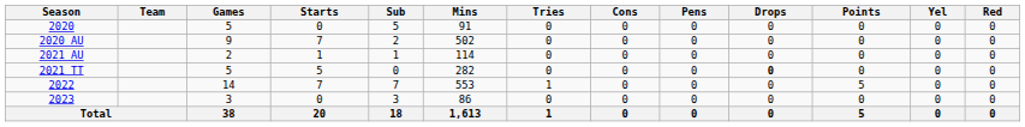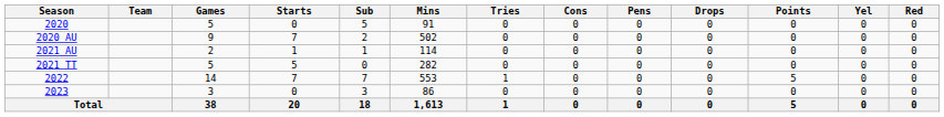 <table class="wikitable" style="text-align:center; line-height:90%; font-size:95%; width:60%;">
 <tr>
 <th>Season</th>
 <th>Team</th>
 <th>Games</th>
 <th>Starts</th>
 <th>Sub</th>
 <th>Mins</th>
 <th>Tries</th>
 <th>Cons</th>
 <th>Pens</th>
 <th>Drops</th>
 <th>Points</th>
 <th>Yel</th>
 <th>Red</th>
 </tr>
 <tr>
 <td><a href='#'>2020</a></td>
 <td></td>
 <td>5</td>
 <td>0</td>
 <td>5</td>
 <td>91</td>
 <td>0</td>
 <td>0</td>
 <td>0</td>
 <td>0</td>
 <td>0</td>
 <td>0</td>
 <td>0</td>
 </tr>
 <tr>
 <td><a href='#'>2020 AU</a></td>
 <td></td>
 <td>9</td>
 <td>7</td>
 <td>2</td>
 <td>502</td>
 <td>0</td>
 <td>0</td>
 <td>0</td>
 <td>0</td>
 <td>0</td>
 <td>0</td>
 <td>0</td>
 </tr>
 <tr>
 <td><a href='#'>2021 AU</a></td>
 <td></td>
 <td>2</td>
 <td>1</td>
 <td>1</td>
 <td>114</td>
 <td>0</td>
 <td>0</td>
 <td>0</td>
 <td>0</td>
 <td>0</td>
 <td>0</td>
 <td>0</td>
 </tr>
 <tr>
 <td><a href='#'>2021 TT</a></td>
 <td></td>
 <td>5</td>
 <td>5</td>
 <td>0</td>
 <td>282</td>
 <td>0</td>
 <td>0</td>
 <td>0</td>
-<td><strong>0</strong></td>
+<td>0</td>
 <td>0</td>
 <td>0</td>
 <td>0</td>
 </tr>
 <tr>
 <td><a href='#'>2022</a></td>
 <td></td>
 <td>14</td>
 <td>7</td>
 <td>7</td>
 <td>553</td>
 <td>1</td>
 <td>0</td>
 <td>0</td>
 <td>0</td>
 <td>5</td>
 <td>0</td>
 <td>0</td>
 </tr>
 <tr>
 <td><a href='#'>2023</a></td>
 <td></td>
 <td>3</td>
 <td>0</td>
 <td>3</td>
 <td>86</td>
 <td>0</td>
 <td>0</td>
 <td>0</td>
 <td>0</td>
 <td>0</td>
 <td>0</td>
 <td>0</td>
 </tr>
 <tr>
 <th colspan="2">Total</th>
 <th>38</th>
 <th>20</th>
 <th>18</th>
 <th>1,613</th>
 <th>1</th>
 <th>0</th>
 <th>0</th>
 <th>0</th>
 <th>5</th>
 <th>0</th>
 <th>0</th>
 </tr>
 </table>
